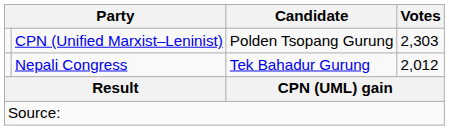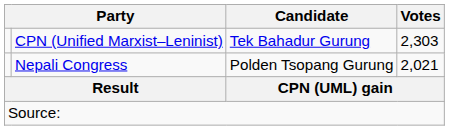 <table class="wikitable">
 <tr>
 <th colspan="2">Party</th>
 <th>Candidate</th>
 <th>Votes</th>
 </tr>
 <tr>
 <td style="background-color:"></td>
 <td><a href='#'>CPN (Unified Marxist–Leninist)</a></td>
-<td>Polden Tsopang Gurung</td>
+<td><a href='#'>Tek Bahadur Gurung</a></td>
 <td>2,303</td>
 </tr>
 <tr>
 <td style="background-color:"></td>
 <td><a href='#'>Nepali Congress</a></td>
-<td><a href='#'>Tek Bahadur Gurung</a></td>
-<td>2,012</td>
+<td>Polden Tsopang Gurung</td>
+<td>2,021</td>
 </tr>
 <tr>
 <th colspan="2">Result</th>
 <th colspan="2">CPN (UML) gain</th>
 </tr>
 <tr>
 <td colspan="4">Source: </td>
 </tr>
 </table>
